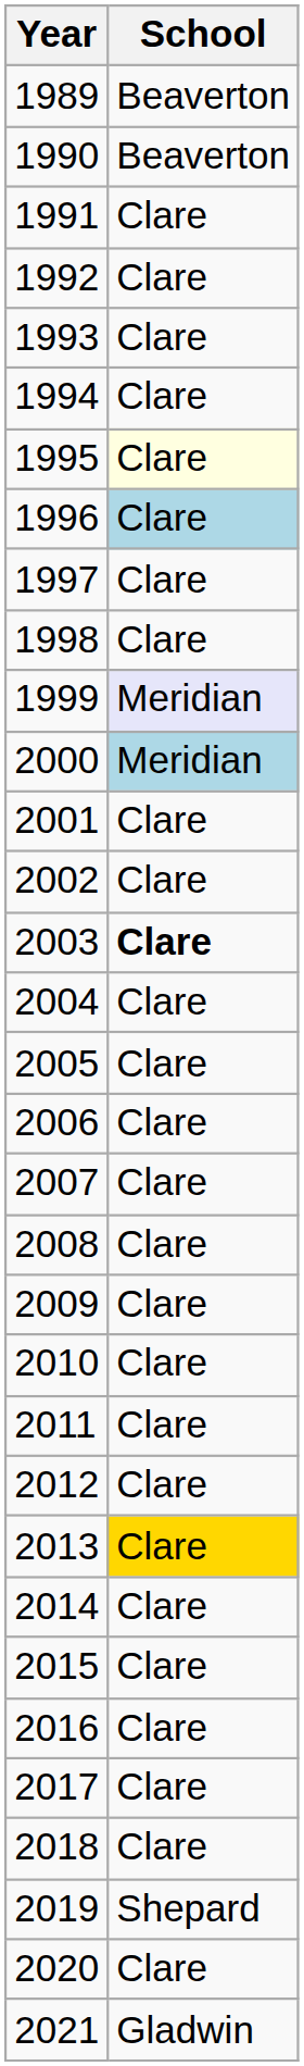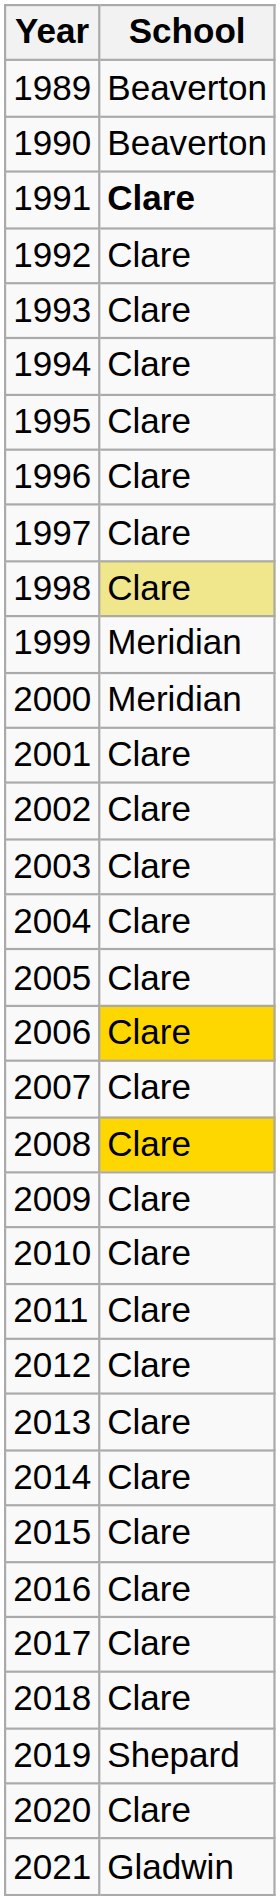 <table class="wikitable mw-collapsible mw-collapsed">
 <tr>
 <th>Year</th>
 <th>School</th>
 </tr>
 <tr>
 <td>1989</td>
 <td>Beaverton</td>
 </tr>
 <tr>
 <td>1990</td>
 <td>Beaverton</td>
 </tr>
 <tr>
 <td>1991</td>
-<td>Clare</td>
+<td><strong>Clare</strong></td>
 </tr>
 <tr>
 <td>1992</td>
 <td>Clare</td>
 </tr>
 <tr>
 <td>1993</td>
 <td>Clare</td>
 </tr>
 <tr>
 <td>1994</td>
 <td>Clare</td>
 </tr>
 <tr>
 <td>1995</td>
-<td style="background: lightyellow;">Clare</td>
+<td>Clare</td>
 </tr>
 <tr>
 <td>1996</td>
-<td style="background: lightblue;">Clare</td>
+<td>Clare</td>
 </tr>
 <tr>
 <td>1997</td>
 <td>Clare</td>
 </tr>
 <tr>
 <td>1998</td>
-<td>Clare</td>
+<td style="background: khaki;">Clare</td>
 </tr>
 <tr>
 <td>1999</td>
-<td style="background: lavender;">Meridian</td>
+<td>Meridian</td>
 </tr>
 <tr>
 <td>2000</td>
-<td style="background: lightblue;">Meridian</td>
+<td>Meridian</td>
 </tr>
 <tr>
 <td>2001</td>
 <td>Clare</td>
 </tr>
 <tr>
 <td>2002</td>
 <td>Clare</td>
 </tr>
 <tr>
 <td>2003</td>
-<td><strong>Clare</strong></td>
+<td>Clare</td>
 </tr>
 <tr>
 <td>2004</td>
 <td>Clare</td>
 </tr>
 <tr>
 <td>2005</td>
 <td>Clare</td>
 </tr>
 <tr>
 <td>2006</td>
-<td>Clare</td>
+<td style="background: gold;">Clare</td>
 </tr>
 <tr>
 <td>2007</td>
 <td>Clare</td>
 </tr>
 <tr>
 <td>2008</td>
-<td>Clare</td>
+<td style="background: gold;">Clare</td>
 </tr>
 <tr>
 <td>2009</td>
 <td>Clare</td>
 </tr>
 <tr>
 <td>2010</td>
 <td>Clare</td>
 </tr>
 <tr>
 <td>2011</td>
 <td>Clare</td>
 </tr>
 <tr>
 <td>2012</td>
 <td>Clare</td>
 </tr>
 <tr>
 <td>2013</td>
-<td style="background: gold;">Clare</td>
+<td>Clare</td>
 </tr>
 <tr>
 <td>2014</td>
 <td>Clare</td>
 </tr>
 <tr>
 <td>2015</td>
 <td>Clare</td>
 </tr>
 <tr>
 <td>2016</td>
 <td>Clare</td>
 </tr>
 <tr>
 <td>2017</td>
 <td>Clare</td>
 </tr>
 <tr>
 <td>2018</td>
 <td>Clare</td>
 </tr>
 <tr>
 <td>2019</td>
 <td>Shepard</td>
 </tr>
 <tr>
 <td>2020</td>
 <td>Clare</td>
 </tr>
 <tr>
 <td>2021</td>
 <td>Gladwin</td>
 </tr>
 </table>
